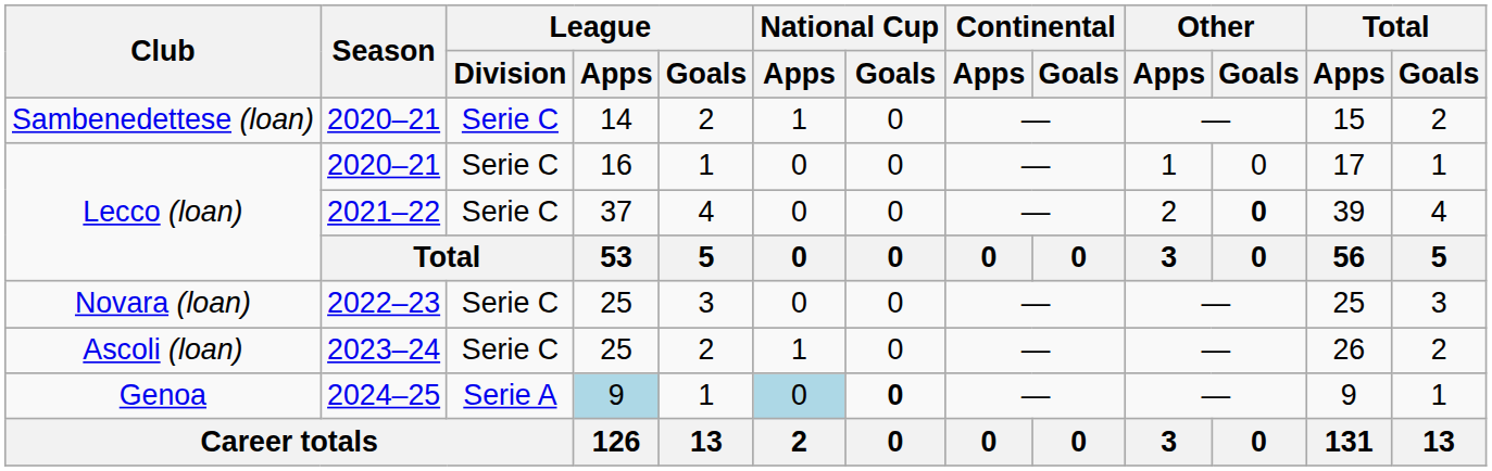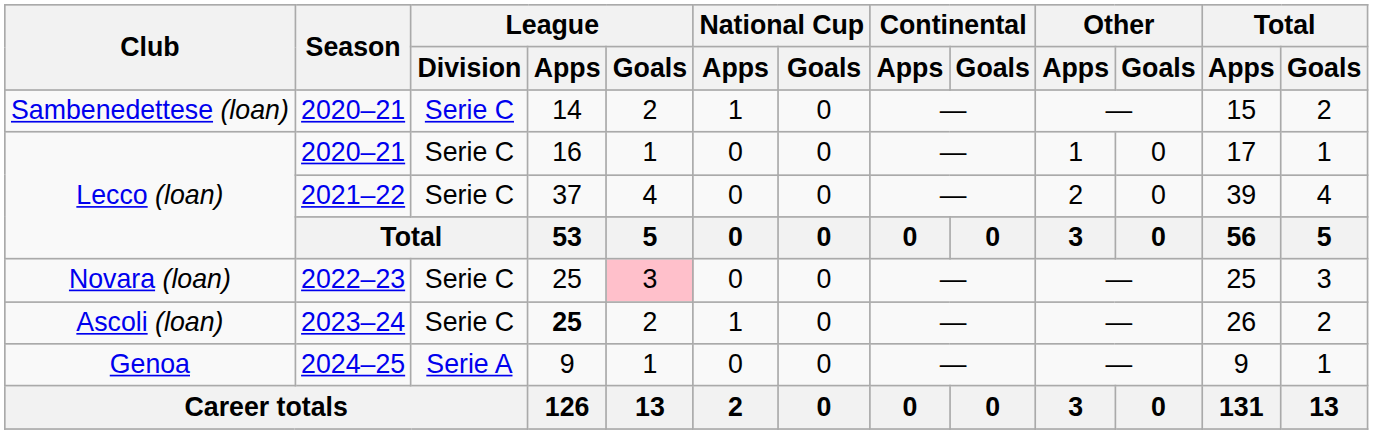 <table class="wikitable" style="text-align:center">
 <tr>
 <th rowspan="2">Club</th>
 <th rowspan="2">Season</th>
 <th colspan="3">League</th>
 <th colspan="2">National Cup</th>
 <th colspan="2">Continental</th>
 <th colspan="2">Other</th>
 <th colspan="2">Total</th>
 </tr>
 <tr>
 <th>Division</th>
 <th>Apps</th>
 <th>Goals</th>
 <th>Apps</th>
 <th>Goals</th>
 <th>Apps</th>
 <th>Goals</th>
 <th>Apps</th>
 <th>Goals</th>
 <th>Apps</th>
 <th>Goals</th>
 </tr>
 <tr>
 <td><a href='#'>Sambenedettese</a> <em>(loan)</em></td>
 <td><a href='#'>2020–21</a></td>
 <td><a href='#'>Serie C</a></td>
 <td>14</td>
 <td>2</td>
 <td>1</td>
 <td>0</td>
 <td colspan="2">—</td>
 <td colspan="2">—</td>
 <td>15</td>
 <td>2</td>
 </tr>
 <tr>
 <td rowspan="3"><a href='#'>Lecco</a> <em>(loan)</em></td>
 <td><a href='#'>2020–21</a></td>
 <td>Serie C</td>
 <td>16</td>
 <td>1</td>
 <td>0</td>
 <td>0</td>
 <td colspan="2">—</td>
 <td>1</td>
 <td>0</td>
 <td>17</td>
 <td>1</td>
 </tr>
 <tr>
 <td><a href='#'>2021–22</a></td>
 <td>Serie C</td>
 <td>37</td>
 <td>4</td>
 <td>0</td>
 <td>0</td>
 <td colspan="2">—</td>
 <td>2</td>
-<td><strong>0</strong></td>
+<td>0</td>
 <td>39</td>
 <td>4</td>
 </tr>
 <tr>
 <th colspan="2">Total</th>
 <th>53</th>
 <th>5</th>
 <th>0</th>
 <th>0</th>
 <th>0</th>
 <th>0</th>
 <th>3</th>
 <th>0</th>
 <th>56</th>
 <th>5</th>
 </tr>
 <tr>
 <td><a href='#'>Novara</a> <em>(loan)</em></td>
 <td><a href='#'>2022–23</a></td>
 <td>Serie C</td>
 <td>25</td>
-<td>3</td>
+<td style="background: pink;">3</td>
 <td>0</td>
 <td>0</td>
 <td colspan="2">—</td>
 <td colspan="2">—</td>
 <td>25</td>
 <td>3</td>
 </tr>
 <tr>
 <td><a href='#'>Ascoli</a> <em>(loan)</em></td>
 <td><a href='#'>2023–24</a></td>
 <td>Serie C</td>
-<td>25</td>
+<td><strong>25</strong></td>
 <td>2</td>
 <td>1</td>
 <td>0</td>
 <td colspan="2">—</td>
 <td colspan="2">—</td>
 <td>26</td>
 <td>2</td>
 </tr>
 <tr>
 <td><a href='#'>Genoa</a></td>
 <td><a href='#'>2024–25</a></td>
 <td><a href='#'>Serie A</a></td>
-<td style="background: lightblue;">9</td>
+<td>9</td>
 <td>1</td>
-<td style="background: lightblue;">0</td>
-<td><strong>0</strong></td>
+<td>0</td>
+<td>0</td>
 <td colspan="2">—</td>
 <td colspan="2">—</td>
 <td>9</td>
 <td>1</td>
 </tr>
 <tr>
 <th colspan="3">Career totals</th>
 <th>126</th>
 <th>13</th>
 <th>2</th>
 <th>0</th>
 <th>0</th>
 <th>0</th>
 <th>3</th>
 <th>0</th>
 <th>131</th>
 <th>13</th>
 </tr>
 </table>
